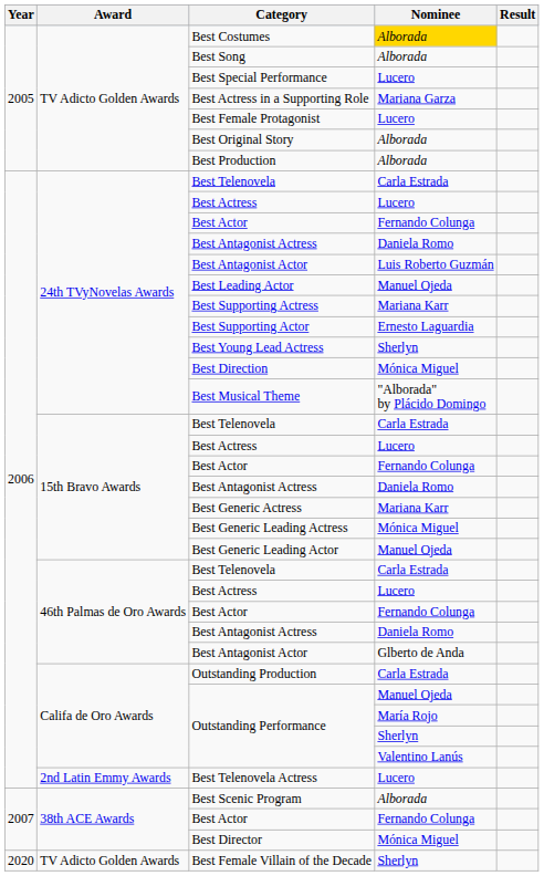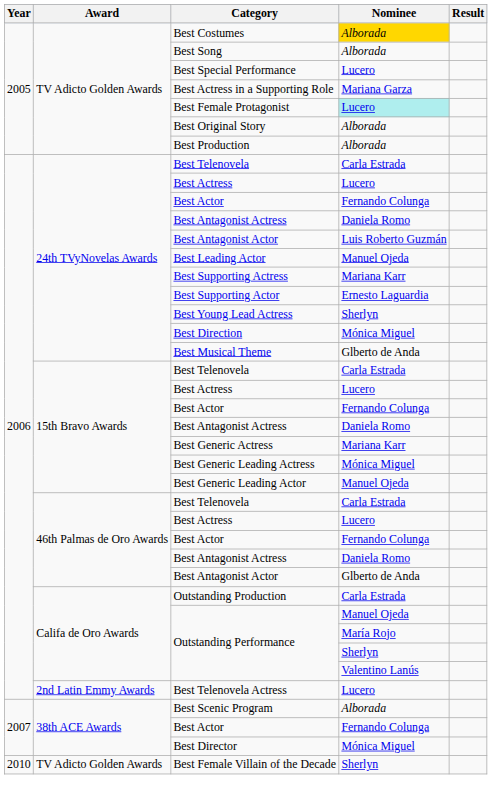 <table class="wikitable">
 <tr style="background:#b0c4de;">
 <th>Year</th>
 <th>Award</th>
 <th>Category</th>
 <th>Nominee</th>
 <th>Result</th>
 </tr>
 <tr>
 <td rowspan=7>2005</td>
 <td rowspan=7>TV Adicto Golden Awards</td>
 <td>Best Costumes</td>
 <td style="background: gold;"><em>Alborada</em></td>
 <td></td>
 </tr>
 <tr>
 <td>Best Song</td>
 <td><em>Alborada</em></td>
 <td></td>
 </tr>
 <tr>
 <td>Best Special Performance</td>
 <td><a href='#'>Lucero</a></td>
 <td></td>
 </tr>
 <tr>
 <td>Best Actress in a Supporting Role</td>
 <td><a href='#'>Mariana Garza</a></td>
 <td></td>
 </tr>
 <tr>
 <td>Best Female Protagonist</td>
-<td><a href='#'>Lucero</a></td>
+<td style="background: paleturquoise;"><a href='#'>Lucero</a></td>
 <td></td>
 </tr>
 <tr>
 <td>Best Original Story</td>
 <td><em>Alborada</em></td>
 <td></td>
 </tr>
 <tr>
 <td>Best Production</td>
 <td><em>Alborada</em></td>
 <td></td>
 </tr>
 <tr>
 <td rowspan=29>2006</td>
 <td rowspan=11><a href='#'>24th TVyNovelas Awards</a></td>
 <td><a href='#'>Best Telenovela</a></td>
 <td><a href='#'>Carla Estrada</a></td>
 <td></td>
 </tr>
 <tr>
 <td><a href='#'>Best Actress</a></td>
 <td><a href='#'>Lucero</a></td>
 <td></td>
 </tr>
 <tr>
 <td><a href='#'>Best Actor</a></td>
 <td><a href='#'>Fernando Colunga</a></td>
 <td></td>
 </tr>
 <tr>
 <td><a href='#'>Best Antagonist Actress</a></td>
 <td><a href='#'>Daniela Romo</a></td>
 <td></td>
 </tr>
 <tr>
 <td><a href='#'>Best Antagonist Actor</a></td>
 <td><a href='#'>Luis Roberto Guzmán</a></td>
 <td></td>
 </tr>
 <tr>
 <td><a href='#'>Best Leading Actor</a></td>
 <td><a href='#'>Manuel Ojeda</a></td>
 <td></td>
 </tr>
 <tr>
 <td><a href='#'>Best Supporting Actress</a></td>
 <td><a href='#'>Mariana Karr</a></td>
 <td></td>
 </tr>
 <tr>
 <td><a href='#'>Best Supporting Actor</a></td>
 <td><a href='#'>Ernesto Laguardia</a></td>
 <td></td>
 </tr>
 <tr>
 <td><a href='#'>Best Young Lead Actress</a></td>
 <td><a href='#'>Sherlyn</a></td>
 <td></td>
 </tr>
 <tr>
 <td><a href='#'>Best Direction</a></td>
 <td><a href='#'>Mónica Miguel</a></td>
 <td></td>
 </tr>
 <tr>
 <td><a href='#'>Best Musical Theme</a></td>
-<td>"Alborada" <br> by <a href='#'>Plácido Domingo</a></td>
+<td>Glberto de Anda</td>
 <td></td>
 </tr>
 <tr>
 <td rowspan=7>15th Bravo Awards</td>
 <td>Best Telenovela</td>
 <td><a href='#'>Carla Estrada</a></td>
 <td></td>
 </tr>
 <tr>
 <td>Best Actress</td>
 <td><a href='#'>Lucero</a></td>
 <td></td>
 </tr>
 <tr>
 <td>Best Actor</td>
 <td><a href='#'>Fernando Colunga</a></td>
 <td></td>
 </tr>
 <tr>
 <td>Best Antagonist Actress</td>
 <td><a href='#'>Daniela Romo</a></td>
 <td></td>
 </tr>
 <tr>
 <td>Best Generic Actress</td>
 <td><a href='#'>Mariana Karr</a></td>
 <td></td>
 </tr>
 <tr>
 <td>Best Generic Leading Actress</td>
 <td><a href='#'>Mónica Miguel</a></td>
 <td></td>
 </tr>
 <tr>
 <td>Best Generic Leading Actor</td>
 <td><a href='#'>Manuel Ojeda</a></td>
 <td></td>
 </tr>
 <tr>
 <td rowspan=5>46th Palmas de Oro Awards</td>
 <td>Best Telenovela</td>
 <td><a href='#'>Carla Estrada</a></td>
 <td></td>
 </tr>
 <tr>
 <td>Best Actress</td>
 <td><a href='#'>Lucero</a></td>
 <td></td>
 </tr>
 <tr>
 <td>Best Actor</td>
 <td><a href='#'>Fernando Colunga</a></td>
 <td></td>
 </tr>
 <tr>
 <td>Best Antagonist Actress</td>
 <td><a href='#'>Daniela Romo</a></td>
 <td></td>
 </tr>
 <tr>
 <td>Best Antagonist Actor</td>
 <td>Glberto de Anda</td>
 <td></td>
 </tr>
 <tr>
 <td rowspan=5>Califa de Oro Awards</td>
 <td>Outstanding Production</td>
 <td><a href='#'>Carla Estrada</a></td>
 <td></td>
 </tr>
 <tr>
 <td rowspan=4>Outstanding Performance</td>
 <td><a href='#'>Manuel Ojeda</a></td>
 <td></td>
 </tr>
 <tr>
 <td><a href='#'>María Rojo</a></td>
 <td></td>
 </tr>
 <tr>
 <td><a href='#'>Sherlyn</a></td>
 <td></td>
 </tr>
 <tr>
 <td><a href='#'>Valentino Lanús</a></td>
 <td></td>
 </tr>
 <tr>
 <td><a href='#'>2nd Latin Emmy Awards</a></td>
 <td>Best Telenovela Actress</td>
 <td><a href='#'>Lucero</a></td>
 <td></td>
 </tr>
 <tr>
 <td rowspan=3>2007</td>
 <td rowspan=3><a href='#'>38th ACE Awards</a></td>
 <td>Best Scenic Program</td>
 <td><em>Alborada</em></td>
 <td></td>
 </tr>
 <tr>
 <td>Best Actor</td>
 <td><a href='#'>Fernando Colunga</a></td>
 <td></td>
 </tr>
 <tr>
 <td>Best Director</td>
 <td><a href='#'>Mónica Miguel</a></td>
 <td></td>
 </tr>
 <tr>
-<td>2020</td>
+<td>2010</td>
 <td>TV Adicto Golden Awards</td>
 <td>Best Female Villain of the Decade</td>
 <td><a href='#'>Sherlyn</a></td>
 <td></td>
 </tr>
 </table>
